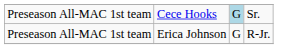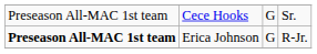 <table class="wikitable" border="1">
 <tr align=center>
 </tr>
 <tr>
 <td>Preseason All-MAC 1st team</td>
 <td><a href='#'>Cece Hooks</a></td>
-<td style="background: lightblue;">G</td>
+<td>G</td>
 <td>Sr.</td>
 </tr>
 <tr>
-<td>Preseason All-MAC 1st team</td>
+<td><strong>Preseason All-MAC 1st team</strong></td>
 <td>Erica Johnson</td>
 <td>G</td>
 <td>R-Jr.</td>
 </tr>
 <tr>
 </tr>
 </table>
